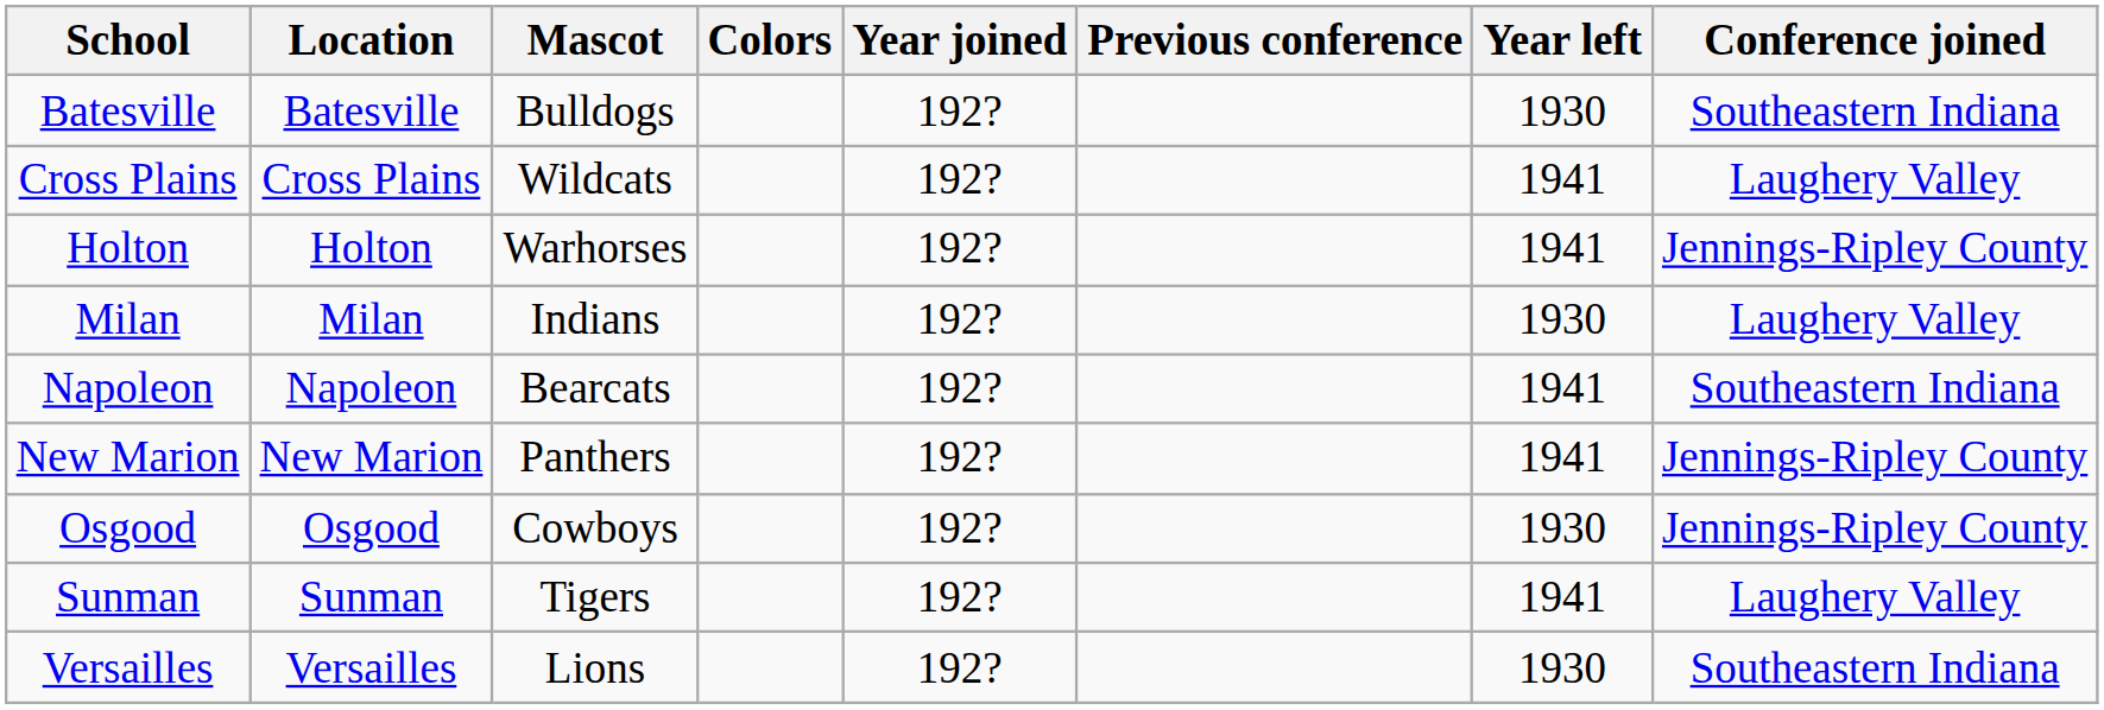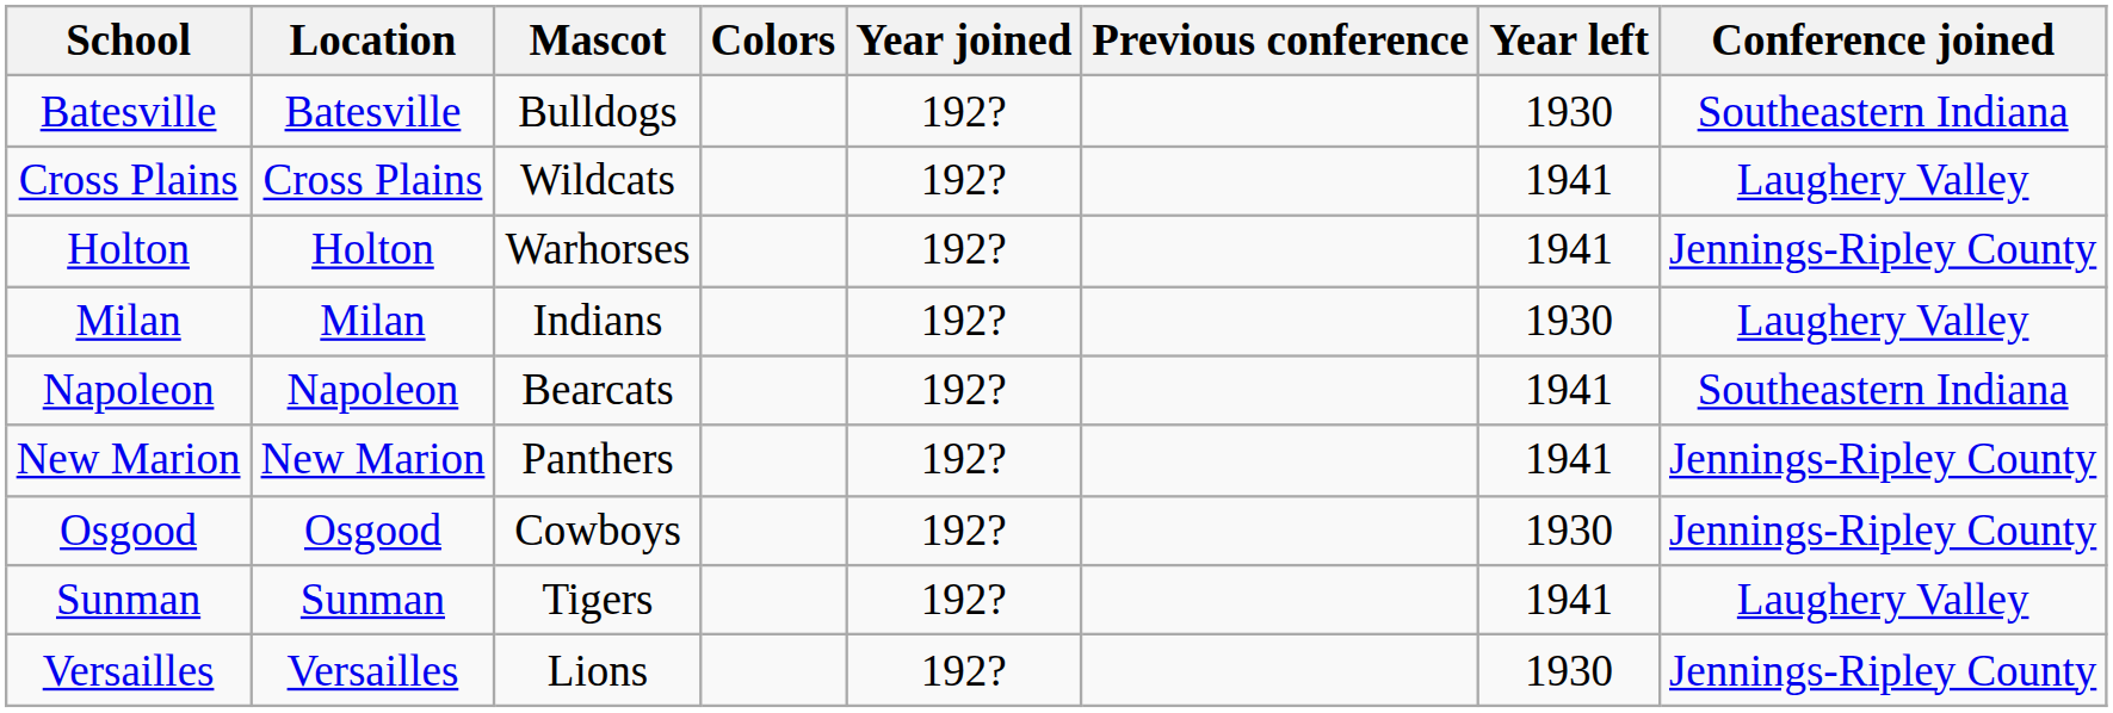 <table class="wikitable" style="text-align:center;">
 <tr>
 <th>School</th>
 <th>Location</th>
 <th>Mascot</th>
 <th>Colors</th>
 <th>Year joined</th>
 <th>Previous conference</th>
 <th>Year left</th>
 <th>Conference joined</th>
 </tr>
 <tr>
 <td><a href='#'>Batesville</a></td>
 <td><a href='#'>Batesville</a></td>
 <td>Bulldogs</td>
 <td> </td>
 <td>192?</td>
 <td></td>
 <td>1930</td>
 <td><a href='#'>Southeastern Indiana</a></td>
 </tr>
 <tr>
 <td><a href='#'>Cross Plains</a></td>
 <td><a href='#'>Cross Plains</a></td>
 <td>Wildcats</td>
 <td> </td>
 <td>192?</td>
 <td></td>
 <td>1941</td>
 <td><a href='#'>Laughery Valley</a></td>
 </tr>
 <tr>
 <td><a href='#'>Holton</a></td>
 <td><a href='#'>Holton</a></td>
 <td>Warhorses</td>
 <td> </td>
 <td>192?</td>
 <td></td>
 <td>1941</td>
 <td><a href='#'>Jennings-Ripley County</a></td>
 </tr>
 <tr>
 <td><a href='#'>Milan</a></td>
 <td><a href='#'>Milan</a></td>
 <td>Indians</td>
 <td>  </td>
 <td>192?</td>
 <td></td>
 <td>1930</td>
 <td><a href='#'>Laughery Valley</a></td>
 </tr>
 <tr>
 <td><a href='#'>Napoleon</a></td>
 <td><a href='#'>Napoleon</a></td>
 <td>Bearcats</td>
 <td> </td>
 <td>192?</td>
 <td></td>
 <td>1941</td>
 <td><a href='#'>Southeastern Indiana</a></td>
 </tr>
 <tr>
 <td><a href='#'>New Marion</a></td>
 <td><a href='#'>New Marion</a></td>
 <td>Panthers</td>
 <td> </td>
 <td>192?</td>
 <td></td>
 <td>1941</td>
 <td><a href='#'>Jennings-Ripley County</a></td>
 </tr>
 <tr>
 <td><a href='#'>Osgood</a></td>
 <td><a href='#'>Osgood</a></td>
 <td>Cowboys</td>
 <td> </td>
 <td>192?</td>
 <td></td>
 <td>1930</td>
 <td><a href='#'>Jennings-Ripley County</a></td>
 </tr>
 <tr>
 <td><a href='#'>Sunman</a></td>
 <td><a href='#'>Sunman</a></td>
 <td>Tigers</td>
 <td>  </td>
 <td>192?</td>
 <td></td>
 <td>1941</td>
 <td><a href='#'>Laughery Valley</a></td>
 </tr>
 <tr>
 <td><a href='#'>Versailles</a></td>
 <td><a href='#'>Versailles</a></td>
 <td>Lions</td>
 <td> </td>
 <td>192?</td>
 <td></td>
 <td>1930</td>
-<td><a href='#'>Southeastern Indiana</a></td>
+<td><a href='#'>Jennings-Ripley County</a></td>
 </tr>
 </table>
